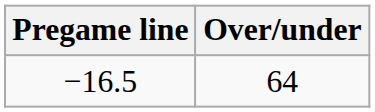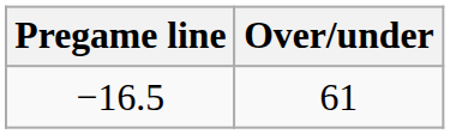 <table class="wikitable" style="margin-left: auto; margin-right: auto; border: none; display: inline-table;">
 <tr style="text-align:center">
 <th style=>Pregame line</th>
 <th style=>Over/under</th>
 </tr>
 <tr style="text-align:center">
 <td>−16.5</td>
-<td>64</td>
+<td>61</td>
 </tr>
 </table>
